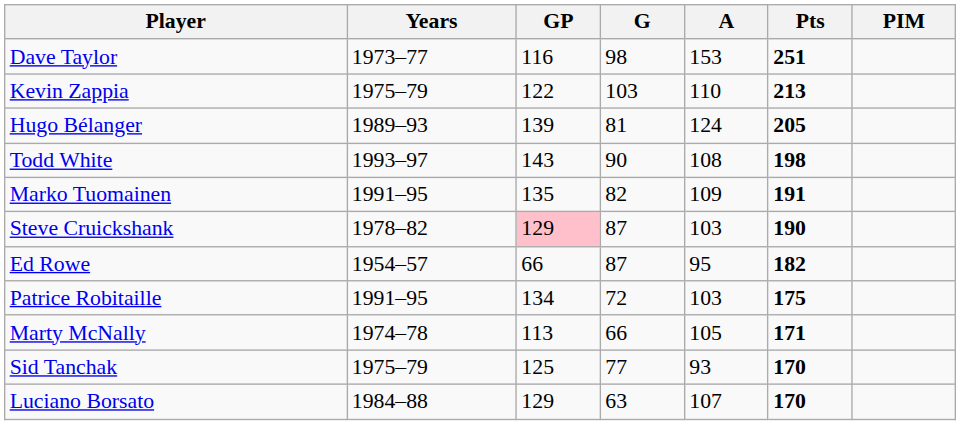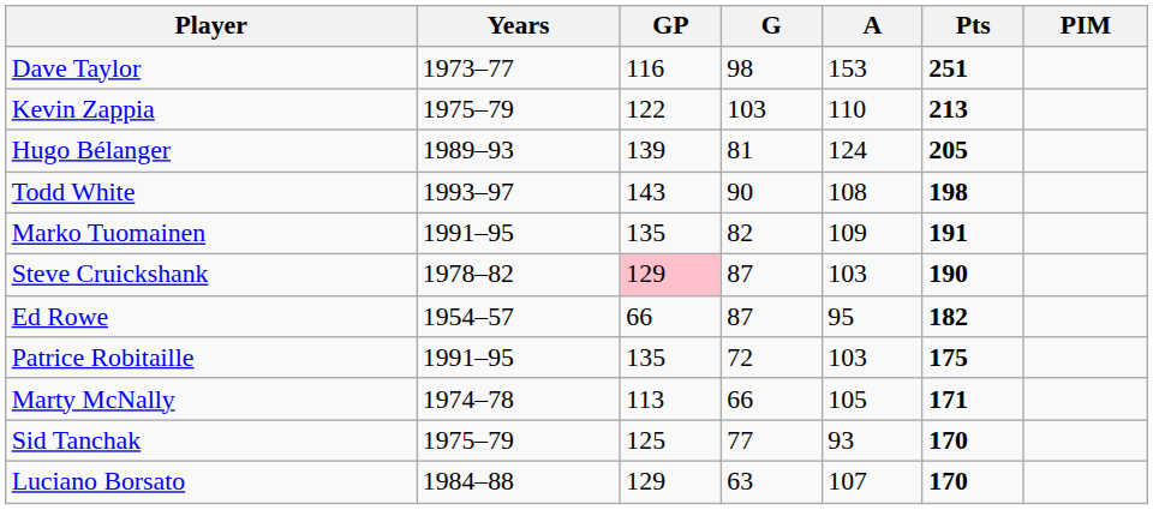 <table class="wikitable sortable" width ="700" cellpadding="1" border="1" cellspacing="0">
 <tr>
 <th>Player</th>
 <th>Years</th>
 <th>GP</th>
 <th>G</th>
 <th>A</th>
 <th>Pts</th>
 <th>PIM</th>
 </tr>
 <tr>
 <td><a href='#'>Dave Taylor</a></td>
 <td>1973–77</td>
 <td>116</td>
 <td>98</td>
 <td>153</td>
 <td><strong>251</strong></td>
 <td></td>
 </tr>
 <tr>
 <td><a href='#'>Kevin Zappia</a></td>
 <td>1975–79</td>
 <td>122</td>
 <td>103</td>
 <td>110</td>
 <td><strong>213</strong></td>
 <td></td>
 </tr>
 <tr>
 <td><a href='#'>Hugo Bélanger</a></td>
 <td>1989–93</td>
 <td>139</td>
 <td>81</td>
 <td>124</td>
 <td><strong>205</strong></td>
 <td></td>
 </tr>
 <tr>
 <td><a href='#'>Todd White</a></td>
 <td>1993–97</td>
 <td>143</td>
 <td>90</td>
 <td>108</td>
 <td><strong>198</strong></td>
 <td></td>
 </tr>
 <tr>
 <td><a href='#'>Marko Tuomainen</a></td>
 <td>1991–95</td>
 <td>135</td>
 <td>82</td>
 <td>109</td>
 <td><strong>191</strong></td>
 <td></td>
 </tr>
 <tr>
 <td><a href='#'>Steve Cruickshank</a></td>
 <td>1978–82</td>
 <td style="background: pink;">129</td>
 <td>87</td>
 <td>103</td>
 <td><strong>190</strong></td>
 <td></td>
 </tr>
 <tr>
 <td><a href='#'>Ed Rowe</a></td>
 <td>1954–57</td>
 <td>66</td>
 <td>87</td>
 <td>95</td>
 <td><strong>182</strong></td>
 <td></td>
 </tr>
 <tr>
 <td><a href='#'>Patrice Robitaille</a></td>
 <td>1991–95</td>
-<td>134</td>
+<td>135</td>
 <td>72</td>
 <td>103</td>
 <td><strong>175</strong></td>
 <td></td>
 </tr>
 <tr>
 <td><a href='#'>Marty McNally</a></td>
 <td>1974–78</td>
 <td>113</td>
 <td>66</td>
 <td>105</td>
 <td><strong>171</strong></td>
 <td></td>
 </tr>
 <tr>
 <td><a href='#'>Sid Tanchak</a></td>
 <td>1975–79</td>
 <td>125</td>
 <td>77</td>
 <td>93</td>
 <td><strong>170</strong></td>
 <td></td>
 </tr>
 <tr>
 <td><a href='#'>Luciano Borsato</a></td>
 <td>1984–88</td>
 <td>129</td>
 <td>63</td>
 <td>107</td>
 <td><strong>170</strong></td>
 <td></td>
 </tr>
 </table>
